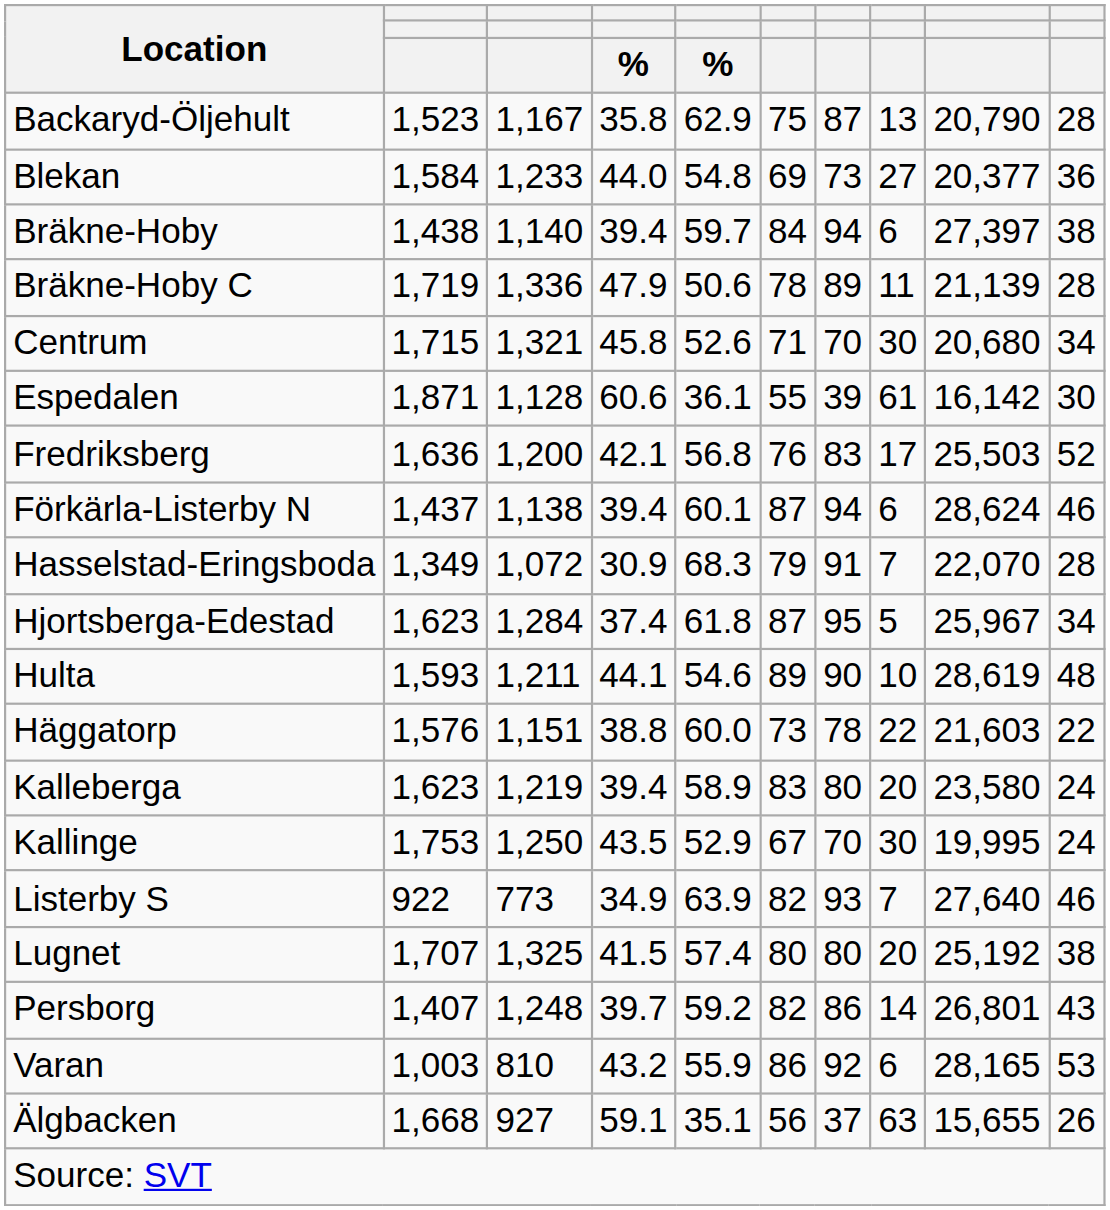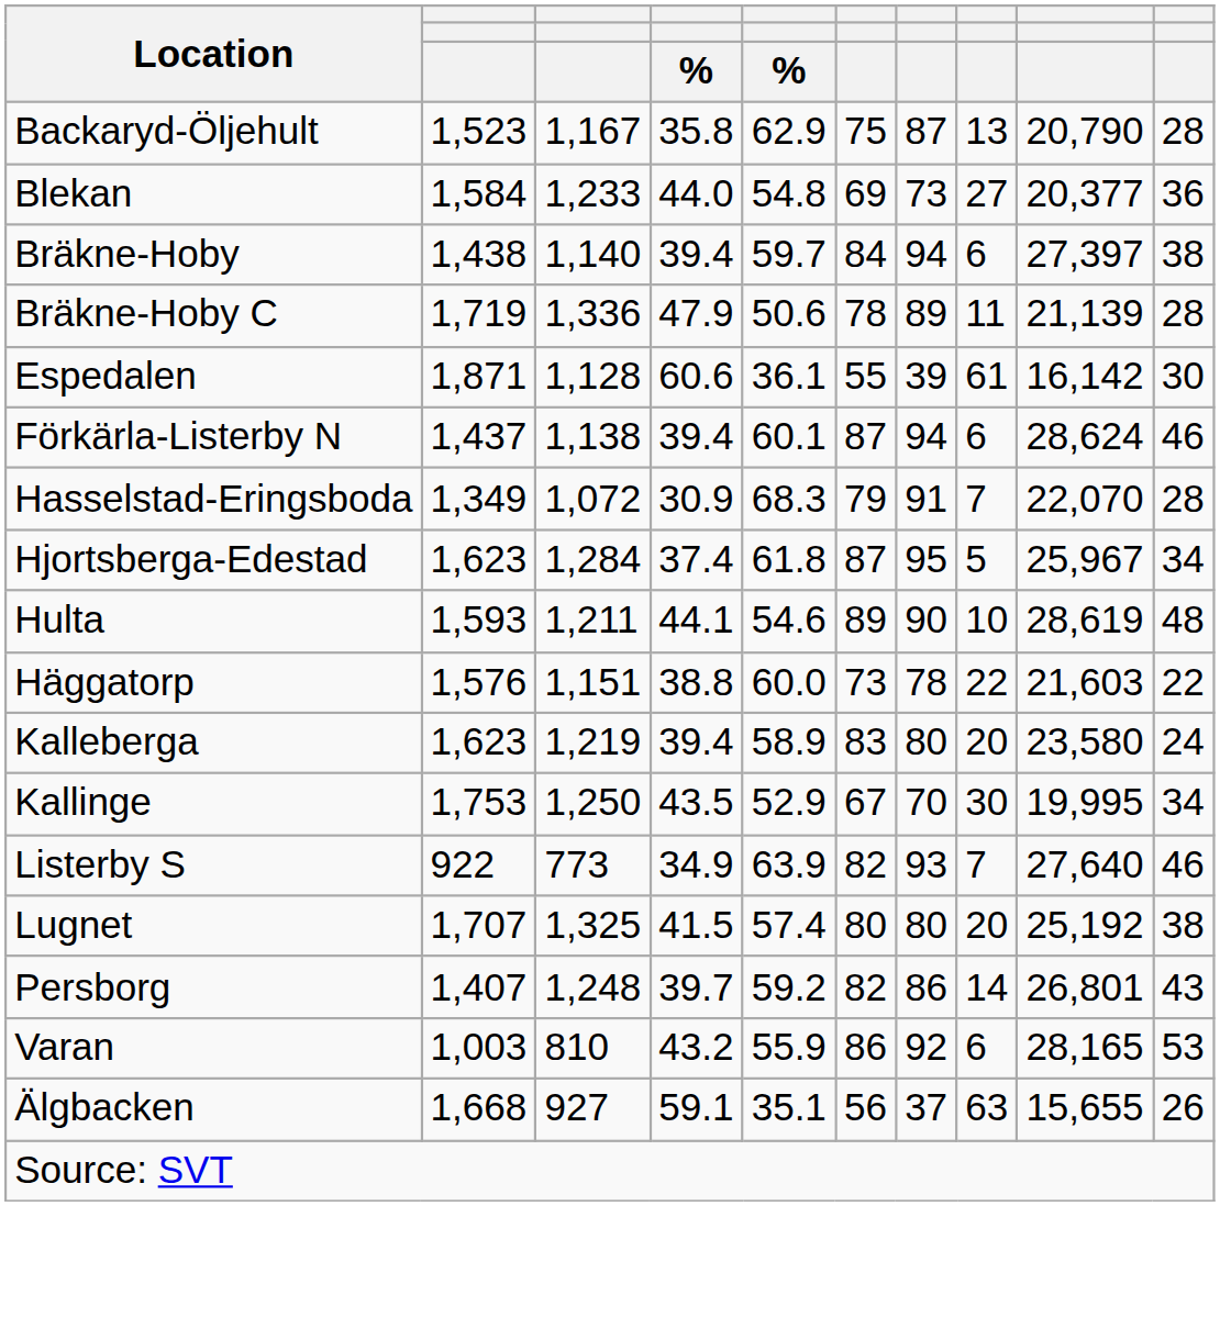 <table role="presentation" class="wikitable sortable mw-collapsible mw-collapsed">
 <tr>
 <th rowspan="3">Location</th>
 <th></th>
 <th></th>
 <th></th>
 <th></th>
 <th></th>
 <th></th>
 <th></th>
 <th></th>
 <th></th>
 </tr>
 <tr>
 <th></th>
 <th></th>
 <th style="background:"></th>
 <th style="background:"></th>
 <th></th>
 <th></th>
 <th></th>
 <th></th>
 <th></th>
 </tr>
 <tr>
 <th data-sort-type="number"></th>
 <th data-sort-type="number"></th>
 <th data-sort-type="number">%</th>
 <th data-sort-type="number">%</th>
 <th data-sort-type="number"></th>
 <th data-sort-type="number"></th>
 <th data-sort-type="number"></th>
 <th data-sort-type="number"></th>
 <th data-sort-type="number"></th>
 </tr>
 <tr>
 <td align="left">Backaryd-Öljehult</td>
 <td>1,523</td>
 <td>1,167</td>
 <td>35.8</td>
 <td>62.9</td>
 <td>75</td>
 <td>87</td>
 <td>13</td>
 <td>20,790</td>
 <td>28</td>
 </tr>
 <tr>
 <td align="left">Blekan</td>
 <td>1,584</td>
 <td>1,233</td>
 <td>44.0</td>
 <td>54.8</td>
 <td>69</td>
 <td>73</td>
 <td>27</td>
 <td>20,377</td>
 <td>36</td>
 </tr>
 <tr>
 <td align="left">Bräkne-Hoby</td>
 <td>1,438</td>
 <td>1,140</td>
 <td>39.4</td>
 <td>59.7</td>
 <td>84</td>
 <td>94</td>
 <td>6</td>
 <td>27,397</td>
 <td>38</td>
 </tr>
 <tr>
 <td align="left">Bräkne-Hoby C</td>
 <td>1,719</td>
 <td>1,336</td>
 <td>47.9</td>
 <td>50.6</td>
 <td>78</td>
 <td>89</td>
 <td>11</td>
 <td>21,139</td>
 <td>28</td>
 </tr>
 <tr>
-<td align="left">Centrum</td>
-<td>1,715</td>
-<td>1,321</td>
-<td>45.8</td>
-<td>52.6</td>
-<td>71</td>
-<td>70</td>
-<td>30</td>
-<td>20,680</td>
-<td>34</td>
-</tr>
-<tr>
 <td align="left">Espedalen</td>
 <td>1,871</td>
 <td>1,128</td>
 <td>60.6</td>
 <td>36.1</td>
 <td>55</td>
 <td>39</td>
 <td>61</td>
 <td>16,142</td>
 <td>30</td>
-</tr>
-<tr>
-<td align="left">Fredriksberg</td>
-<td>1,636</td>
-<td>1,200</td>
-<td>42.1</td>
-<td>56.8</td>
-<td>76</td>
-<td>83</td>
-<td>17</td>
-<td>25,503</td>
-<td>52</td>
 </tr>
 <tr>
 <td align="left">Förkärla-Listerby N</td>
 <td>1,437</td>
 <td>1,138</td>
 <td>39.4</td>
 <td>60.1</td>
 <td>87</td>
 <td>94</td>
 <td>6</td>
 <td>28,624</td>
 <td>46</td>
 </tr>
 <tr>
 <td align="left">Hasselstad-Eringsboda</td>
 <td>1,349</td>
 <td>1,072</td>
 <td>30.9</td>
 <td>68.3</td>
 <td>79</td>
 <td>91</td>
 <td>7</td>
 <td>22,070</td>
 <td>28</td>
 </tr>
 <tr>
 <td align="left">Hjortsberga-Edestad</td>
 <td>1,623</td>
 <td>1,284</td>
 <td>37.4</td>
 <td>61.8</td>
 <td>87</td>
 <td>95</td>
 <td>5</td>
 <td>25,967</td>
 <td>34</td>
 </tr>
 <tr>
 <td align="left">Hulta</td>
 <td>1,593</td>
 <td>1,211</td>
 <td>44.1</td>
 <td>54.6</td>
 <td>89</td>
 <td>90</td>
 <td>10</td>
 <td>28,619</td>
 <td>48</td>
 </tr>
 <tr>
 <td align="left">Häggatorp</td>
 <td>1,576</td>
 <td>1,151</td>
 <td>38.8</td>
 <td>60.0</td>
 <td>73</td>
 <td>78</td>
 <td>22</td>
 <td>21,603</td>
 <td>22</td>
 </tr>
 <tr>
 <td align="left">Kalleberga</td>
 <td>1,623</td>
 <td>1,219</td>
 <td>39.4</td>
 <td>58.9</td>
 <td>83</td>
 <td>80</td>
 <td>20</td>
 <td>23,580</td>
 <td>24</td>
 </tr>
 <tr>
 <td align="left">Kallinge</td>
 <td>1,753</td>
 <td>1,250</td>
 <td>43.5</td>
 <td>52.9</td>
 <td>67</td>
 <td>70</td>
 <td>30</td>
 <td>19,995</td>
-<td>24</td>
+<td>34</td>
 </tr>
 <tr>
 <td align="left">Listerby S</td>
 <td>922</td>
 <td>773</td>
 <td>34.9</td>
 <td>63.9</td>
 <td>82</td>
 <td>93</td>
 <td>7</td>
 <td>27,640</td>
 <td>46</td>
 </tr>
 <tr>
 <td align="left">Lugnet</td>
 <td>1,707</td>
 <td>1,325</td>
 <td>41.5</td>
 <td>57.4</td>
 <td>80</td>
 <td>80</td>
 <td>20</td>
 <td>25,192</td>
 <td>38</td>
 </tr>
 <tr>
 <td align="left">Persborg</td>
 <td>1,407</td>
 <td>1,248</td>
 <td>39.7</td>
 <td>59.2</td>
 <td>82</td>
 <td>86</td>
 <td>14</td>
 <td>26,801</td>
 <td>43</td>
 </tr>
 <tr>
 <td align="left">Varan</td>
 <td>1,003</td>
 <td>810</td>
 <td>43.2</td>
 <td>55.9</td>
 <td>86</td>
 <td>92</td>
 <td>6</td>
 <td>28,165</td>
 <td>53</td>
 </tr>
 <tr>
 <td align="left">Älgbacken</td>
 <td>1,668</td>
 <td>927</td>
 <td>59.1</td>
 <td>35.1</td>
 <td>56</td>
 <td>37</td>
 <td>63</td>
 <td>15,655</td>
 <td>26</td>
 </tr>
 <tr>
 <td colspan="10" align="left">Source: <a href='#'>SVT</a></td>
 </tr>
 </table>
